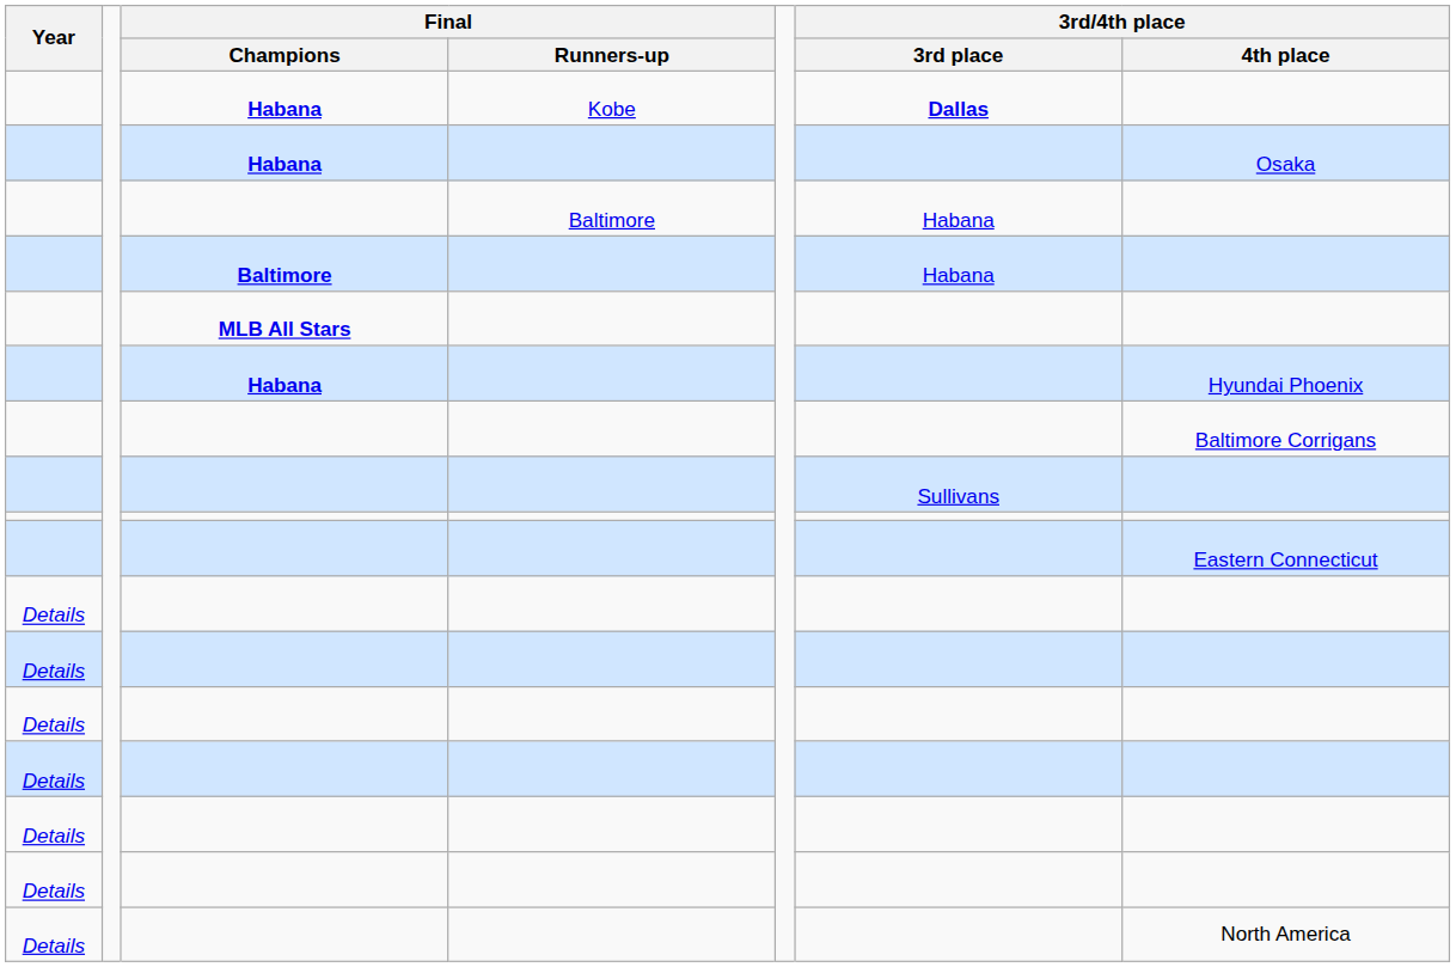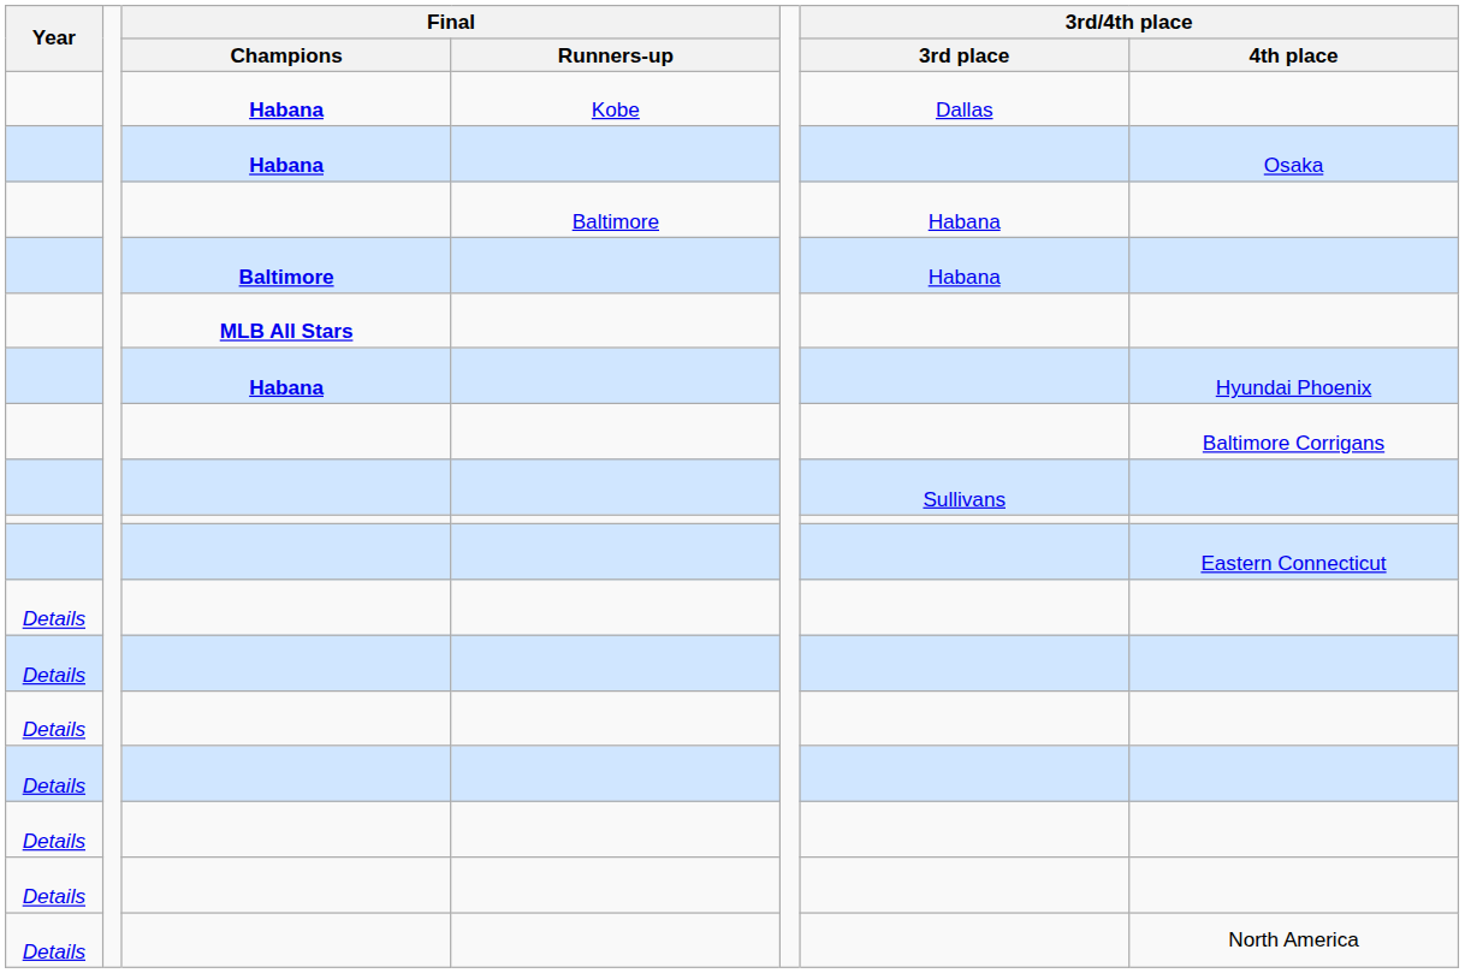 <table class="wikitable" style="font-size:90%; text-align: center;">
 <tr>
 <th rowspan=2 width=5%>Year</th>
 <td width=1% rowspan=90 style="border-top:none;border-bottom:none;"></td>
 <th colspan=2>Final</th>
 <td width=1% rowspan=90 style="border-top:none;border-bottom:none;"></td>
 <th colspan=2>3rd/4th place</th>
 </tr>
 <tr>
 <th width=17%>Champions</th>
 <th width=17%>Runners-up</th>
 <th width=17%>3rd place</th>
 <th width=17%>4th place</th>
 </tr>
 <tr>
 <td></td>
 <td><strong><br><a href='#'>Habana</a></strong></td>
 <td><br><a href='#'>Kobe</a></td>
-<td><strong><br><a href='#'>Dallas</a></strong></td>
+<td><br><a href='#'>Dallas</a></td>
 <td></td>
 </tr>
 <tr style="background: #D0E6FF;">
 <td></td>
 <td><strong><br><a href='#'>Habana</a></strong></td>
 <td></td>
 <td></td>
 <td><br><a href='#'>Osaka</a></td>
 </tr>
 <tr>
 <td></td>
 <td><strong></strong></td>
 <td><br><a href='#'>Baltimore</a></td>
 <td><br><a href='#'>Habana</a></td>
 <td></td>
 </tr>
 <tr style="background: #D0E6FF;">
 <td></td>
 <td><strong><br><a href='#'>Baltimore</a></strong></td>
 <td></td>
 <td><br><a href='#'>Habana</a></td>
 <td></td>
 </tr>
 <tr>
 <td></td>
 <td><strong><br><a href='#'>MLB All Stars</a></strong></td>
 <td></td>
 <td></td>
 <td></td>
 </tr>
 <tr style="background: #D0E6FF;">
 <td></td>
 <td><strong><br><a href='#'>Habana</a></strong></td>
 <td></td>
 <td></td>
 <td><br> <a href='#'>Hyundai Phoenix</a></td>
 </tr>
 <tr>
 <td></td>
 <td><strong></strong></td>
 <td></td>
 <td></td>
 <td><br><a href='#'>Baltimore Corrigans</a></td>
 </tr>
 <tr style="background: #D0E6FF;">
 <td></td>
 <td><strong></strong></td>
 <td></td>
 <td><br> <a href='#'>Sullivans</a></td>
 <td></td>
 </tr>
 <tr>
 <td></td>
 <td><strong></strong></td>
 <td></td>
 <td></td>
 <td></td>
 </tr>
 <tr style="background: #D0E6FF;">
 <td></td>
 <td><strong></strong></td>
 <td></td>
 <td></td>
 <td><br> <a href='#'>Eastern Connecticut</a></td>
 </tr>
 <tr>
 <td><br><em><a href='#'>Details</a></em></td>
 <td><strong></strong></td>
 <td></td>
 <td></td>
 <td></td>
 </tr>
 <tr style="background: #D0E6FF;">
 <td><br><em><a href='#'>Details</a></em></td>
 <td><strong></strong></td>
 <td></td>
 <td></td>
 <td></td>
 </tr>
 <tr>
 <td><br><em><a href='#'>Details</a></em></td>
 <td><strong></strong></td>
 <td></td>
 <td></td>
 <td></td>
 </tr>
 <tr style="background: #D0E6FF;">
 <td><br><em><a href='#'>Details</a></em></td>
 <td><strong></strong></td>
 <td></td>
 <td></td>
 <td></td>
 </tr>
 <tr>
 <td><br><em><a href='#'>Details</a></em></td>
 <td><strong></strong></td>
 <td></td>
 <td></td>
 <td></td>
 </tr>
 <tr>
 <td><br><em><a href='#'>Details</a></em></td>
 <td><strong></strong></td>
 <td></td>
 <td></td>
 <td></td>
 </tr>
 <tr>
 <td><br><em><a href='#'>Details</a></em></td>
 <td><strong></strong></td>
 <td></td>
 <td></td>
 <td>North America</td>
 </tr>
 </table>
